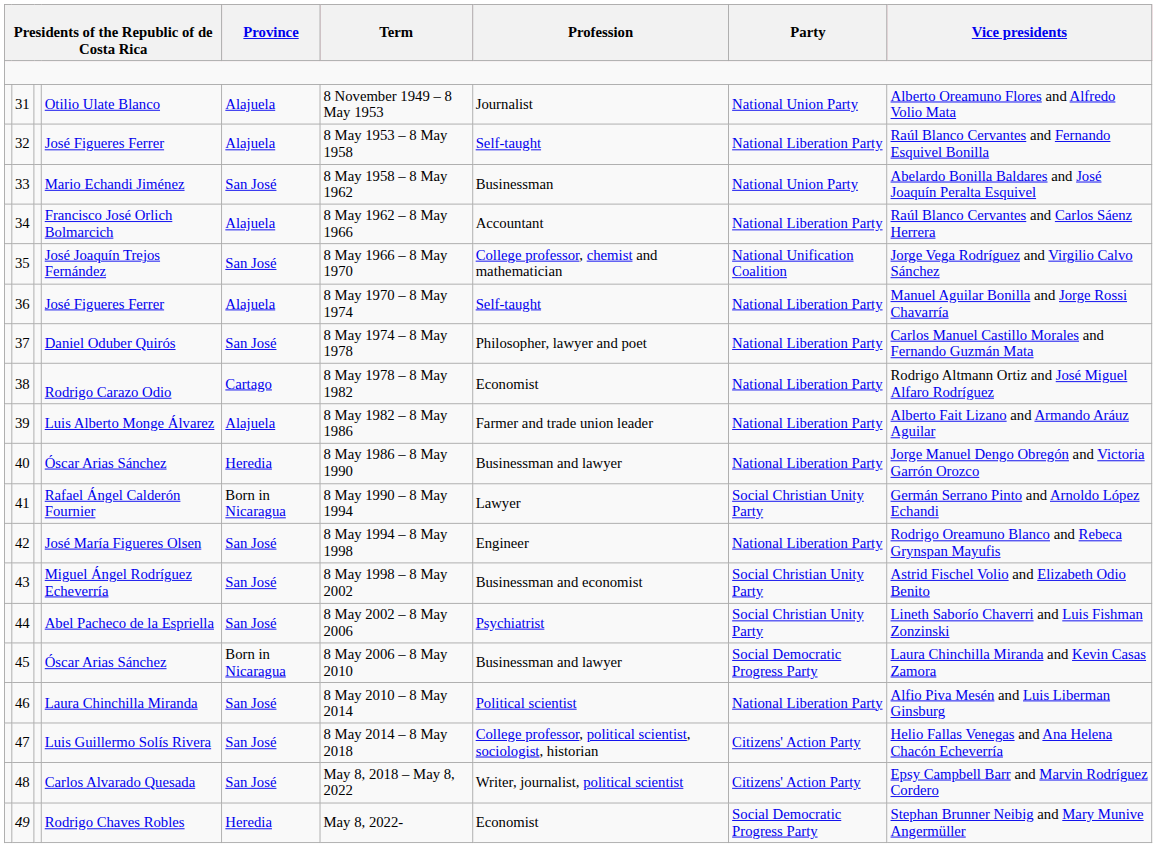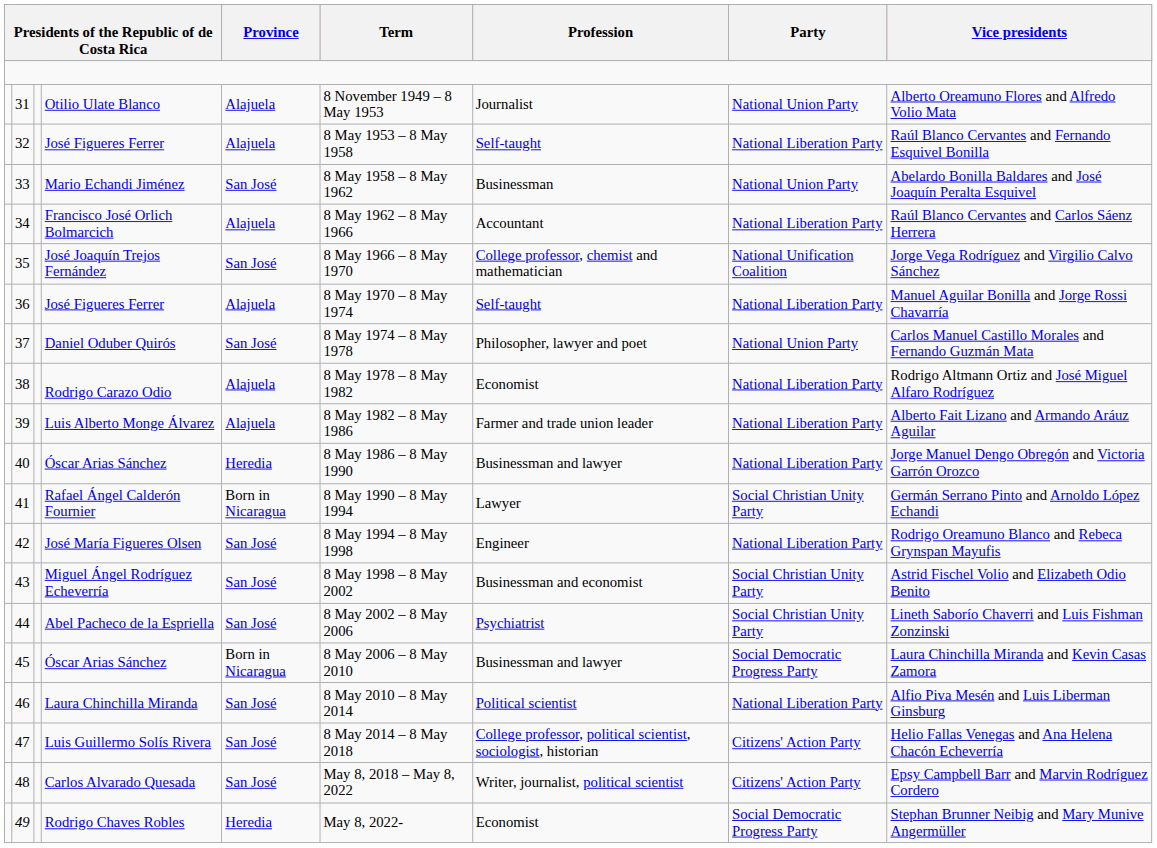 <table class="wikitable">
 <tr bgcolor=#E4E8FF8657856785678>
 <th Colspan=4><br>Presidents of the Republic of de Costa Rica</th>
 <th><a href='#'>Province</a></th>
 <th>Term<br></th>
 <th>Profession</th>
 <th>Party</th>
 <th><a href='#'>Vice presidents</a></th>
 </tr>
 <tr>
 <td colspan=9><br><div>       </div></td>
 </tr>
 <tr>
 <td style="background:"></td>
 <td>31</td>
 <td></td>
 <td><a href='#'>Otilio Ulate Blanco</a></td>
 <td><a href='#'>Alajuela</a></td>
 <td>8 November 1949 – 8 May 1953<br></td>
 <td>Journalist</td>
 <td><a href='#'>National Union Party</a></td>
 <td><a href='#'>Alberto Oreamuno Flores</a> and <a href='#'>Alfredo Volio Mata</a></td>
 </tr>
 <tr>
 <td style="background:"></td>
 <td>32</td>
 <td></td>
 <td><a href='#'>José Figueres Ferrer</a></td>
 <td><a href='#'>Alajuela</a></td>
 <td>8 May 1953 – 8 May 1958<br></td>
 <td><a href='#'>Self-taught</a></td>
 <td><a href='#'>National Liberation Party</a></td>
 <td><a href='#'>Raúl Blanco Cervantes</a> and <a href='#'>Fernando Esquivel Bonilla</a></td>
 </tr>
 <tr>
 <td style="background:"></td>
 <td>33</td>
 <td></td>
 <td><a href='#'>Mario Echandi Jiménez</a></td>
 <td><a href='#'>San José</a></td>
 <td>8 May 1958 – 8 May 1962<br></td>
 <td>Businessman</td>
 <td><a href='#'>National Union Party</a></td>
 <td><a href='#'>Abelardo Bonilla Baldares</a> and <a href='#'>José Joaquín Peralta Esquivel</a></td>
 </tr>
 <tr>
 <td style="background:"></td>
 <td>34</td>
 <td></td>
 <td><a href='#'>Francisco José Orlich Bolmarcich</a></td>
 <td><a href='#'>Alajuela</a></td>
 <td>8 May 1962 – 8 May 1966<br></td>
 <td>Accountant</td>
 <td><a href='#'>National Liberation Party</a></td>
 <td><a href='#'>Raúl Blanco Cervantes</a> and <a href='#'>Carlos Sáenz Herrera</a></td>
 </tr>
 <tr>
 <td style="background:"></td>
 <td>35</td>
 <td></td>
 <td><a href='#'>José Joaquín Trejos Fernández</a></td>
 <td><a href='#'>San José</a></td>
 <td>8 May 1966 – 8 May 1970<br></td>
 <td><a href='#'>College professor</a>, <a href='#'>chemist</a> and mathematician</td>
 <td><a href='#'>National Unification Coalition</a></td>
 <td><a href='#'>Jorge Vega Rodríguez</a> and <a href='#'>Virgilio Calvo Sánchez</a></td>
 </tr>
 <tr>
 <td style="background:"></td>
 <td>36</td>
 <td></td>
 <td><a href='#'>José Figueres Ferrer</a></td>
 <td><a href='#'>Alajuela</a></td>
 <td>8 May 1970 – 8 May 1974<br></td>
 <td><a href='#'>Self-taught</a></td>
 <td><a href='#'>National Liberation Party</a></td>
 <td><a href='#'>Manuel Aguilar Bonilla</a> and <a href='#'>Jorge Rossi Chavarría</a></td>
 </tr>
 <tr>
 <td style="background:"></td>
 <td>37</td>
 <td></td>
 <td><a href='#'>Daniel Oduber Quirós</a></td>
 <td><a href='#'>San José</a></td>
 <td>8 May 1974 – 8 May 1978<br></td>
 <td>Philosopher, lawyer and poet</td>
-<td><a href='#'>National Liberation Party</a></td>
+<td><a href='#'>National Union Party</a></td>
 <td><a href='#'>Carlos Manuel Castillo Morales</a> and <a href='#'>Fernando Guzmán Mata</a></td>
 </tr>
 <tr>
 <td style="background:"></td>
 <td>38</td>
 <td></td>
 <td><br><a href='#'>Rodrigo Carazo Odio</a></td>
-<td><a href='#'>Cartago</a></td>
+<td><a href='#'>Alajuela</a></td>
 <td>8 May 1978 – 8 May 1982<br></td>
 <td>Economist</td>
 <td><a href='#'>National Liberation Party</a></td>
 <td>Rodrigo Altmann Ortiz and <a href='#'>José Miguel Alfaro Rodríguez</a></td>
 </tr>
 <tr>
 <td style="background:"></td>
 <td>39</td>
 <td></td>
 <td><a href='#'>Luis Alberto Monge Álvarez</a></td>
 <td><a href='#'>Alajuela</a></td>
 <td>8 May 1982 – 8 May 1986<br></td>
 <td>Farmer and trade union leader</td>
 <td><a href='#'>National Liberation Party</a></td>
 <td><a href='#'>Alberto Fait Lizano</a> and <a href='#'>Armando Aráuz Aguilar</a></td>
 </tr>
 <tr>
 <td style="background:"></td>
 <td>40</td>
 <td></td>
 <td><a href='#'>Óscar Arias Sánchez</a></td>
 <td><a href='#'>Heredia</a></td>
 <td>8 May 1986 – 8 May 1990<br></td>
 <td>Businessman and lawyer</td>
 <td><a href='#'>National Liberation Party</a></td>
 <td><a href='#'>Jorge Manuel Dengo Obregón</a> and <a href='#'>Victoria Garrón Orozco</a></td>
 </tr>
 <tr>
 <td style="background:"></td>
 <td>41</td>
 <td></td>
 <td><a href='#'>Rafael Ángel Calderón Fournier</a></td>
 <td>Born in <a href='#'>Nicaragua</a></td>
 <td>8 May 1990 – 8 May 1994<br></td>
 <td>Lawyer</td>
 <td><a href='#'>Social Christian Unity Party</a></td>
 <td><a href='#'>Germán Serrano Pinto</a> and <a href='#'>Arnoldo López Echandi</a></td>
 </tr>
 <tr>
 <td style="background:"></td>
 <td>42</td>
 <td></td>
 <td><a href='#'>José María Figueres Olsen</a></td>
 <td><a href='#'>San José</a></td>
 <td>8 May 1994 – 8 May 1998<br></td>
 <td>Engineer</td>
 <td><a href='#'>National Liberation Party</a></td>
 <td><a href='#'>Rodrigo Oreamuno Blanco</a> and <a href='#'>Rebeca Grynspan Mayufis</a></td>
 </tr>
 <tr>
 <td style="background:"></td>
 <td>43</td>
 <td></td>
 <td><a href='#'>Miguel Ángel Rodríguez Echeverría</a></td>
 <td><a href='#'>San José</a></td>
 <td>8 May 1998 – 8 May 2002<br></td>
 <td>Businessman and economist</td>
 <td><a href='#'>Social Christian Unity Party</a></td>
 <td><a href='#'>Astrid Fischel Volio</a> and <a href='#'>Elizabeth Odio Benito</a></td>
 </tr>
 <tr>
 <td style="background:"></td>
 <td>44</td>
 <td></td>
 <td><a href='#'>Abel Pacheco de la Espriella</a></td>
 <td><a href='#'>San José</a></td>
 <td>8 May 2002 – 8 May 2006<br></td>
 <td><a href='#'>Psychiatrist</a></td>
 <td><a href='#'>Social Christian Unity Party</a></td>
 <td><a href='#'>Lineth Saborío Chaverri</a> and <a href='#'>Luis Fishman Zonzinski</a></td>
 </tr>
 <tr>
 <td style="background:"></td>
 <td>45</td>
 <td></td>
 <td><a href='#'>Óscar Arias Sánchez</a></td>
 <td>Born in <a href='#'>Nicaragua</a></td>
 <td>8 May 2006 – 8 May 2010<br></td>
 <td>Businessman and lawyer</td>
 <td><a href='#'>Social Democratic Progress Party</a></td>
 <td><a href='#'>Laura Chinchilla Miranda</a> and <a href='#'>Kevin Casas Zamora</a></td>
 </tr>
 <tr>
 <td style="background:"></td>
 <td>46</td>
 <td></td>
 <td><a href='#'>Laura Chinchilla Miranda</a></td>
 <td><a href='#'>San José</a></td>
 <td>8 May 2010 – 8 May 2014<br></td>
 <td><a href='#'>Political scientist</a></td>
 <td><a href='#'>National Liberation Party</a></td>
 <td><a href='#'>Alfio Piva Mesén</a> and <a href='#'>Luis Liberman Ginsburg</a></td>
 </tr>
 <tr>
 <td style="background:"></td>
 <td>47</td>
 <td></td>
 <td><a href='#'>Luis Guillermo Solís Rivera</a></td>
 <td><a href='#'>San José</a></td>
 <td>8 May 2014 – 8 May 2018<br></td>
 <td><a href='#'>College professor</a>, <a href='#'>political scientist</a>, <a href='#'>sociologist</a>, historian</td>
 <td><a href='#'>Citizens' Action Party</a></td>
 <td><a href='#'>Helio Fallas Venegas</a> and <a href='#'>Ana Helena Chacón Echeverría</a></td>
 </tr>
 <tr>
 <td style="background:"></td>
 <td>48</td>
 <td></td>
 <td><a href='#'>Carlos Alvarado Quesada</a></td>
 <td><a href='#'>San José</a></td>
 <td>May 8, 2018 – May 8, 2022<br></td>
 <td>Writer, journalist, <a href='#'>political scientist</a></td>
 <td><a href='#'>Citizens' Action Party</a></td>
 <td><a href='#'>Epsy Campbell Barr</a> and <a href='#'>Marvin Rodríguez Cordero</a></td>
 </tr>
 <tr>
 <td style="background:"></td>
 <td><em>49</em></td>
 <td></td>
 <td><a href='#'>Rodrigo Chaves Robles</a></td>
 <td><a href='#'>Heredia</a></td>
 <td>May 8, 2022-<br></td>
 <td>Economist</td>
 <td><a href='#'>Social Democratic Progress Party</a></td>
 <td><a href='#'>Stephan Brunner Neibig</a> and <a href='#'>Mary Munive Angermüller</a></td>
 </tr>
 </table>
